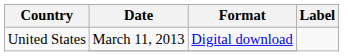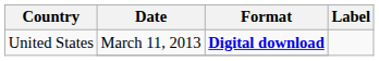 <table class="wikitable">
 <tr>
 <th>Country</th>
 <th>Date</th>
 <th>Format</th>
 <th>Label</th>
 </tr>
 <tr>
 <td rowspan="2">United States</td>
 <td>March 11, 2013</td>
-<td><a href='#'>Digital download</a></td>
+<td><strong><a href='#'>Digital download</a></strong></td>
 <td rowspan="2"></td>
 </tr>
 <tr>
 </tr>
 </table>
